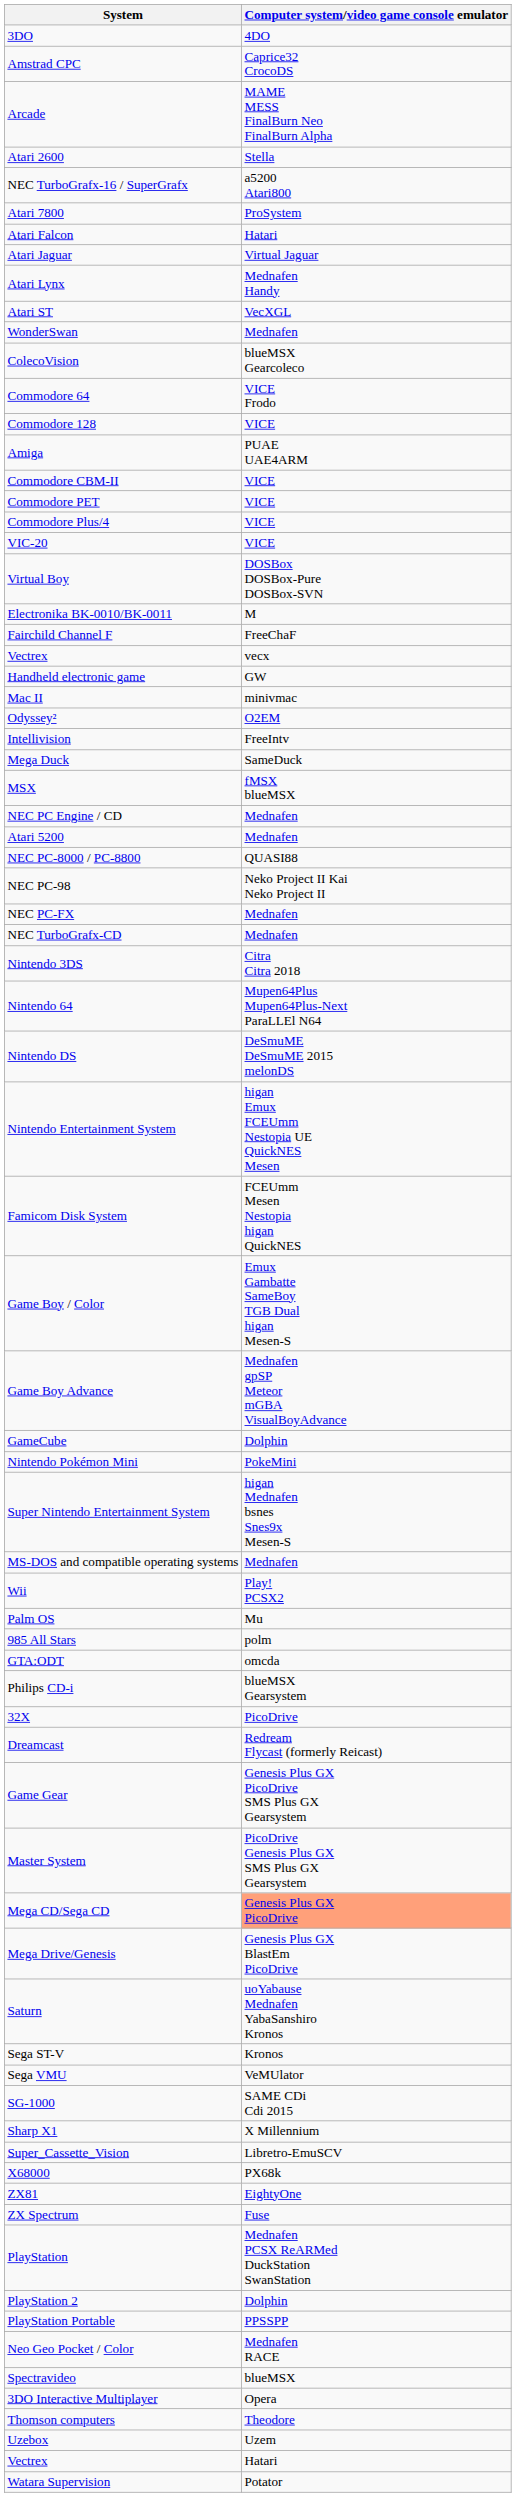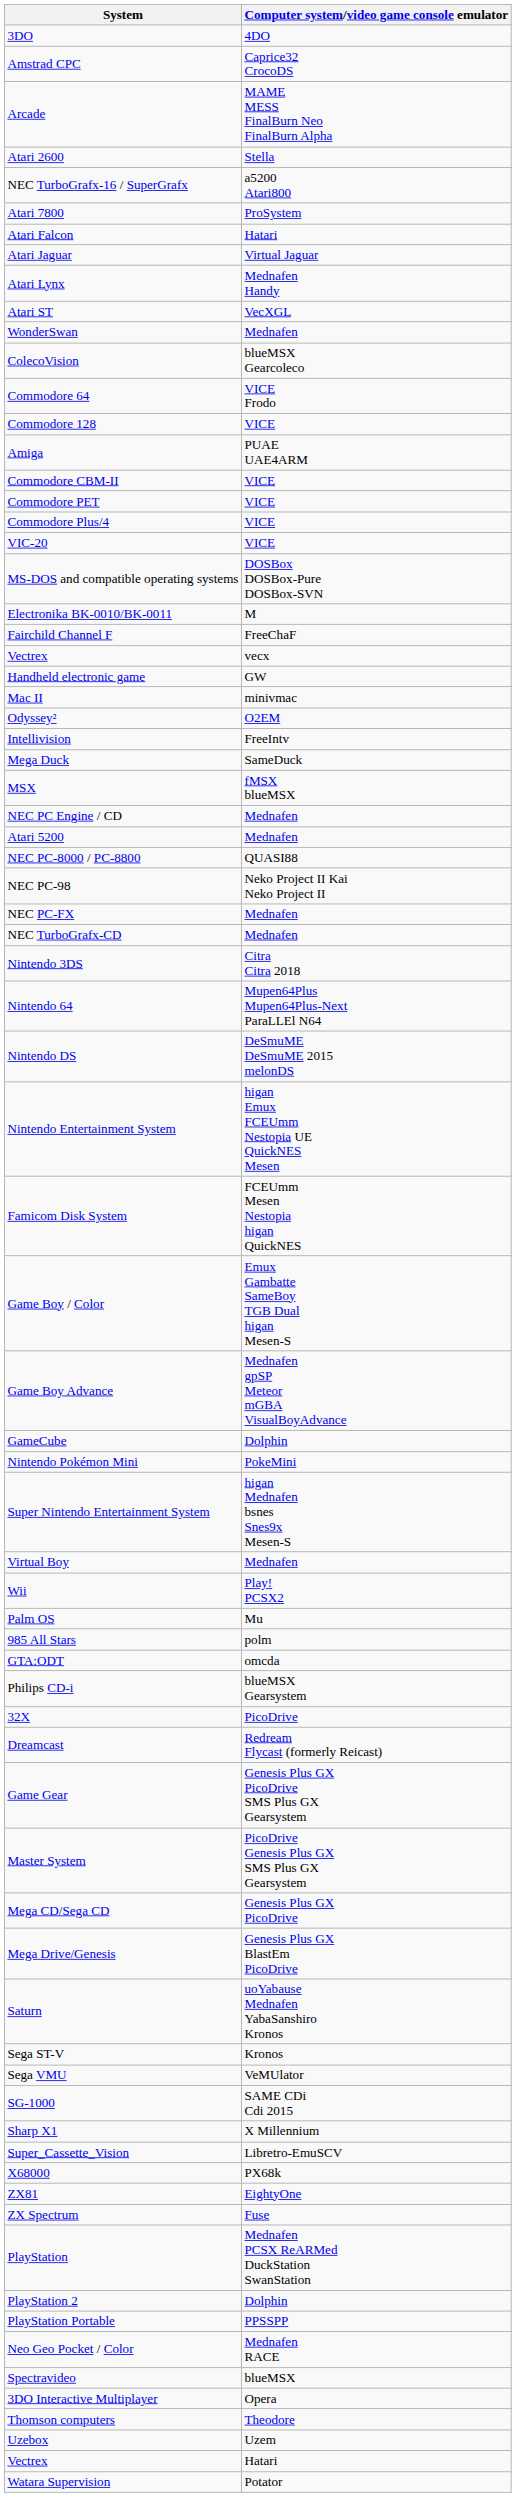 <table class="wikitable">
 <tr>
 <th>System</th>
 <th><a href='#'>Computer system</a>/<a href='#'>video game console</a> emulator</th>
 </tr>
 <tr>
 <td><a href='#'>3DO</a></td>
 <td><a href='#'>4DO</a></td>
 </tr>
 <tr>
 <td><a href='#'>Amstrad CPC</a></td>
 <td><a href='#'>Caprice32</a><br><a href='#'>CrocoDS</a></td>
 </tr>
 <tr>
 <td><a href='#'>Arcade</a></td>
 <td><a href='#'>MAME</a><br><a href='#'>MESS</a><br><a href='#'>FinalBurn Neo</a><br><a href='#'>FinalBurn Alpha</a></td>
 </tr>
 <tr>
 <td><a href='#'>Atari 2600</a></td>
 <td><a href='#'>Stella</a></td>
 </tr>
 <tr>
 <td>NEC <a href='#'>TurboGrafx-16</a> / <a href='#'>SuperGrafx</a></td>
 <td>a5200<br><a href='#'>Atari800</a></td>
 </tr>
 <tr>
 <td><a href='#'>Atari 7800</a></td>
 <td><a href='#'>ProSystem</a></td>
 </tr>
 <tr>
 <td><a href='#'>Atari Falcon</a></td>
 <td><a href='#'>Hatari</a></td>
 </tr>
 <tr>
 <td><a href='#'>Atari Jaguar</a></td>
 <td><a href='#'>Virtual Jaguar</a></td>
 </tr>
 <tr>
 <td><a href='#'>Atari Lynx</a></td>
 <td><a href='#'>Mednafen</a><br><a href='#'>Handy</a></td>
 </tr>
 <tr>
 <td><a href='#'>Atari ST</a></td>
 <td><a href='#'>VecXGL</a></td>
 </tr>
 <tr>
 <td><a href='#'>WonderSwan</a></td>
 <td><a href='#'>Mednafen</a></td>
 </tr>
 <tr>
 <td><a href='#'>ColecoVision</a></td>
 <td>blueMSX<br>Gearcoleco</td>
 </tr>
 <tr>
 <td><a href='#'>Commodore 64</a></td>
 <td><a href='#'>VICE</a><br>Frodo</td>
 </tr>
 <tr>
 <td><a href='#'>Commodore 128</a></td>
 <td><a href='#'>VICE</a></td>
 </tr>
 <tr>
 <td><a href='#'>Amiga</a></td>
 <td>PUAE<br>UAE4ARM</td>
 </tr>
 <tr>
 <td><a href='#'>Commodore CBM-II</a></td>
 <td><a href='#'>VICE</a></td>
 </tr>
 <tr>
 <td><a href='#'>Commodore PET</a></td>
 <td><a href='#'>VICE</a></td>
 </tr>
 <tr>
 <td><a href='#'>Commodore Plus/4</a></td>
 <td><a href='#'>VICE</a></td>
 </tr>
 <tr>
 <td><a href='#'>VIC-20</a></td>
 <td><a href='#'>VICE</a></td>
 </tr>
 <tr>
-<td><a href='#'>Virtual Boy</a></td>
+<td><a href='#'>MS-DOS</a> and compatible operating systems</td>
 <td><a href='#'>DOSBox</a><br>DOSBox-Pure<br>DOSBox-SVN</td>
 </tr>
 <tr>
 <td><a href='#'>Electronika BK-0010/BK-0011</a></td>
 <td>M</td>
 </tr>
 <tr>
 <td><a href='#'>Fairchild Channel F</a></td>
 <td>FreeChaF</td>
 </tr>
 <tr>
 <td><a href='#'>Vectrex</a></td>
 <td>vecx</td>
 </tr>
 <tr>
 <td><a href='#'>Handheld electronic game</a></td>
 <td>GW</td>
 </tr>
 <tr>
 <td><a href='#'>Mac II</a></td>
 <td>minivmac</td>
 </tr>
 <tr>
 <td><a href='#'>Odyssey²</a></td>
 <td><a href='#'>O2EM</a></td>
 </tr>
 <tr>
 <td><a href='#'>Intellivision</a></td>
 <td>FreeIntv</td>
 </tr>
 <tr>
 <td><a href='#'>Mega Duck</a></td>
 <td>SameDuck</td>
 </tr>
 <tr>
 <td><a href='#'>MSX</a></td>
 <td><a href='#'>fMSX</a><br>blueMSX</td>
 </tr>
 <tr>
 <td><a href='#'>NEC PC Engine</a> / CD</td>
 <td><a href='#'>Mednafen</a></td>
 </tr>
 <tr>
 <td><a href='#'>Atari 5200</a></td>
 <td><a href='#'>Mednafen</a></td>
 </tr>
 <tr>
 <td><a href='#'>NEC PC-8000</a> / <a href='#'>PC-8800</a></td>
 <td>QUASI88</td>
 </tr>
 <tr>
 <td>NEC PC-98</td>
 <td>Neko Project II Kai<br>Neko Project II</td>
 </tr>
 <tr>
 <td>NEC <a href='#'>PC-FX</a></td>
 <td><a href='#'>Mednafen</a></td>
 </tr>
 <tr>
 <td>NEC <a href='#'>TurboGrafx-CD</a></td>
 <td><a href='#'>Mednafen</a></td>
 </tr>
 <tr>
 <td><a href='#'>Nintendo 3DS</a></td>
 <td><a href='#'>Citra</a><br><a href='#'>Citra</a> 2018</td>
 </tr>
 <tr>
 <td><a href='#'>Nintendo 64</a></td>
 <td><a href='#'>Mupen64Plus</a><br><a href='#'>Mupen64Plus-Next</a><br>ParaLLEl N64</td>
 </tr>
 <tr>
 <td><a href='#'>Nintendo DS</a></td>
 <td><a href='#'>DeSmuME</a><br><a href='#'>DeSmuME</a> 2015<br><a href='#'>melonDS</a></td>
 </tr>
 <tr>
 <td><a href='#'>Nintendo Entertainment System</a></td>
 <td><a href='#'>higan</a><br><a href='#'>Emux</a><br><a href='#'>FCEUmm</a><br><a href='#'>Nestopia</a> UE<br><a href='#'>QuickNES</a><br><a href='#'>Mesen</a></td>
 </tr>
 <tr>
 <td><a href='#'>Famicom Disk System</a></td>
 <td>FCEUmm<br>Mesen<br><a href='#'>Nestopia</a><br><a href='#'>higan</a><br>QuickNES</td>
 </tr>
 <tr>
 <td><a href='#'>Game Boy</a> / <a href='#'>Color</a></td>
 <td><a href='#'>Emux</a><br><a href='#'>Gambatte</a><br><a href='#'>SameBoy</a><br><a href='#'>TGB Dual</a><br><a href='#'>higan</a><br>Mesen-S</td>
 </tr>
 <tr>
 <td><a href='#'>Game Boy Advance</a></td>
 <td><a href='#'>Mednafen</a><br><a href='#'>gpSP</a><br><a href='#'>Meteor</a><br><a href='#'>mGBA</a><br><a href='#'>VisualBoyAdvance</a></td>
 </tr>
 <tr>
 <td><a href='#'>GameCube</a></td>
 <td><a href='#'>Dolphin</a></td>
 </tr>
 <tr>
 <td><a href='#'>Nintendo Pokémon Mini</a></td>
 <td><a href='#'>PokeMini</a></td>
 </tr>
 <tr>
 <td><a href='#'>Super Nintendo Entertainment System</a></td>
 <td><a href='#'>higan</a><br><a href='#'>Mednafen</a><br>bsnes<br><a href='#'>Snes9x</a><br>Mesen-S</td>
 </tr>
 <tr>
-<td><a href='#'>MS-DOS</a> and compatible operating systems</td>
+<td><a href='#'>Virtual Boy</a></td>
 <td><a href='#'>Mednafen</a></td>
 </tr>
 <tr>
 <td><a href='#'>Wii</a></td>
 <td><a href='#'>Play!</a><br><a href='#'>PCSX2</a></td>
 </tr>
 <tr>
 <td><a href='#'>Palm OS</a></td>
 <td>Mu</td>
 </tr>
 <tr>
 <td><a href='#'>985 All Stars</a></td>
 <td>polm</td>
 </tr>
 <tr>
 <td><a href='#'>GTA:ODT</a></td>
 <td>omcda</td>
 </tr>
 <tr>
 <td>Philips <a href='#'>CD-i</a></td>
 <td>blueMSX<br>Gearsystem</td>
 </tr>
 <tr>
 <td><a href='#'>32X</a></td>
 <td><a href='#'>PicoDrive</a></td>
 </tr>
 <tr>
 <td><a href='#'>Dreamcast</a></td>
 <td><a href='#'>Redream</a><br><a href='#'>Flycast</a> (formerly Reicast)</td>
 </tr>
 <tr>
 <td><a href='#'>Game Gear</a></td>
 <td><a href='#'>Genesis Plus GX</a><br><a href='#'>PicoDrive</a><br>SMS Plus GX<br>Gearsystem</td>
 </tr>
 <tr>
 <td><a href='#'>Master System</a></td>
 <td><a href='#'>PicoDrive</a><br><a href='#'>Genesis Plus GX</a><br>SMS Plus GX<br>Gearsystem</td>
 </tr>
 <tr>
 <td><a href='#'>Mega CD/Sega CD</a></td>
-<td style="background: lightsalmon;"><a href='#'>Genesis Plus GX</a><br><a href='#'>PicoDrive</a></td>
+<td><a href='#'>Genesis Plus GX</a><br><a href='#'>PicoDrive</a></td>
 </tr>
 <tr>
 <td><a href='#'>Mega Drive/Genesis</a></td>
 <td><a href='#'>Genesis Plus GX</a><br>BlastEm<br><a href='#'>PicoDrive</a></td>
 </tr>
 <tr>
 <td><a href='#'>Saturn</a></td>
 <td><a href='#'>uoYabause</a><br><a href='#'>Mednafen</a><br>YabaSanshiro<br>Kronos</td>
 </tr>
 <tr>
 <td>Sega ST-V</td>
 <td>Kronos</td>
 </tr>
 <tr>
 <td>Sega <a href='#'>VMU</a></td>
 <td>VeMUlator</td>
 </tr>
 <tr>
 <td><a href='#'>SG-1000</a></td>
 <td>SAME CDi<br>Cdi 2015</td>
 </tr>
 <tr>
 <td><a href='#'>Sharp X1</a></td>
 <td>X Millennium</td>
 </tr>
 <tr>
 <td><a href='#'>Super_Cassette_Vision</a></td>
 <td>Libretro-EmuSCV</td>
 </tr>
 <tr>
 <td><a href='#'>X68000</a></td>
 <td>PX68k</td>
 </tr>
 <tr>
 <td><a href='#'>ZX81</a></td>
 <td><a href='#'>EightyOne</a></td>
 </tr>
 <tr>
 <td><a href='#'>ZX Spectrum</a></td>
 <td><a href='#'>Fuse</a></td>
 </tr>
 <tr>
 <td><a href='#'>PlayStation</a></td>
 <td><a href='#'>Mednafen</a><br><a href='#'>PCSX ReARMed</a><br>DuckStation<br>SwanStation</td>
 </tr>
 <tr>
 <td><a href='#'>PlayStation 2</a></td>
 <td><a href='#'>Dolphin</a></td>
 </tr>
 <tr>
 <td><a href='#'>PlayStation Portable</a></td>
 <td><a href='#'>PPSSPP</a></td>
 </tr>
 <tr>
 <td><a href='#'>Neo Geo Pocket</a> / <a href='#'>Color</a></td>
 <td><a href='#'>Mednafen</a><br>RACE</td>
 </tr>
 <tr>
 <td><a href='#'>Spectravideo</a></td>
 <td>blueMSX</td>
 </tr>
 <tr>
 <td><a href='#'>3DO Interactive Multiplayer</a></td>
 <td>Opera</td>
 </tr>
 <tr>
 <td><a href='#'>Thomson computers</a></td>
 <td><a href='#'>Theodore</a></td>
 </tr>
 <tr>
 <td><a href='#'>Uzebox</a></td>
 <td>Uzem</td>
 </tr>
 <tr>
 <td><a href='#'>Vectrex</a></td>
 <td>Hatari</td>
 </tr>
 <tr>
 <td><a href='#'>Watara Supervision</a></td>
 <td>Potator</td>
 </tr>
 </table>
